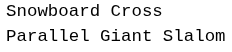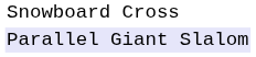 <table>
 <tr>
 <td>Snowboard Cross</td>
 <td colspan=2></td>
 <td colspan=2></td>
 <td colspan=2></td>
 </tr>
 <tr>
-<td>Parallel Giant Slalom</td>
+<td style="background: lavender;">Parallel Giant Slalom</td>
 <td colspan=2></td>
 <td colspan=2></td>
 <td colspan=2></td>
 </tr>
 </table>
